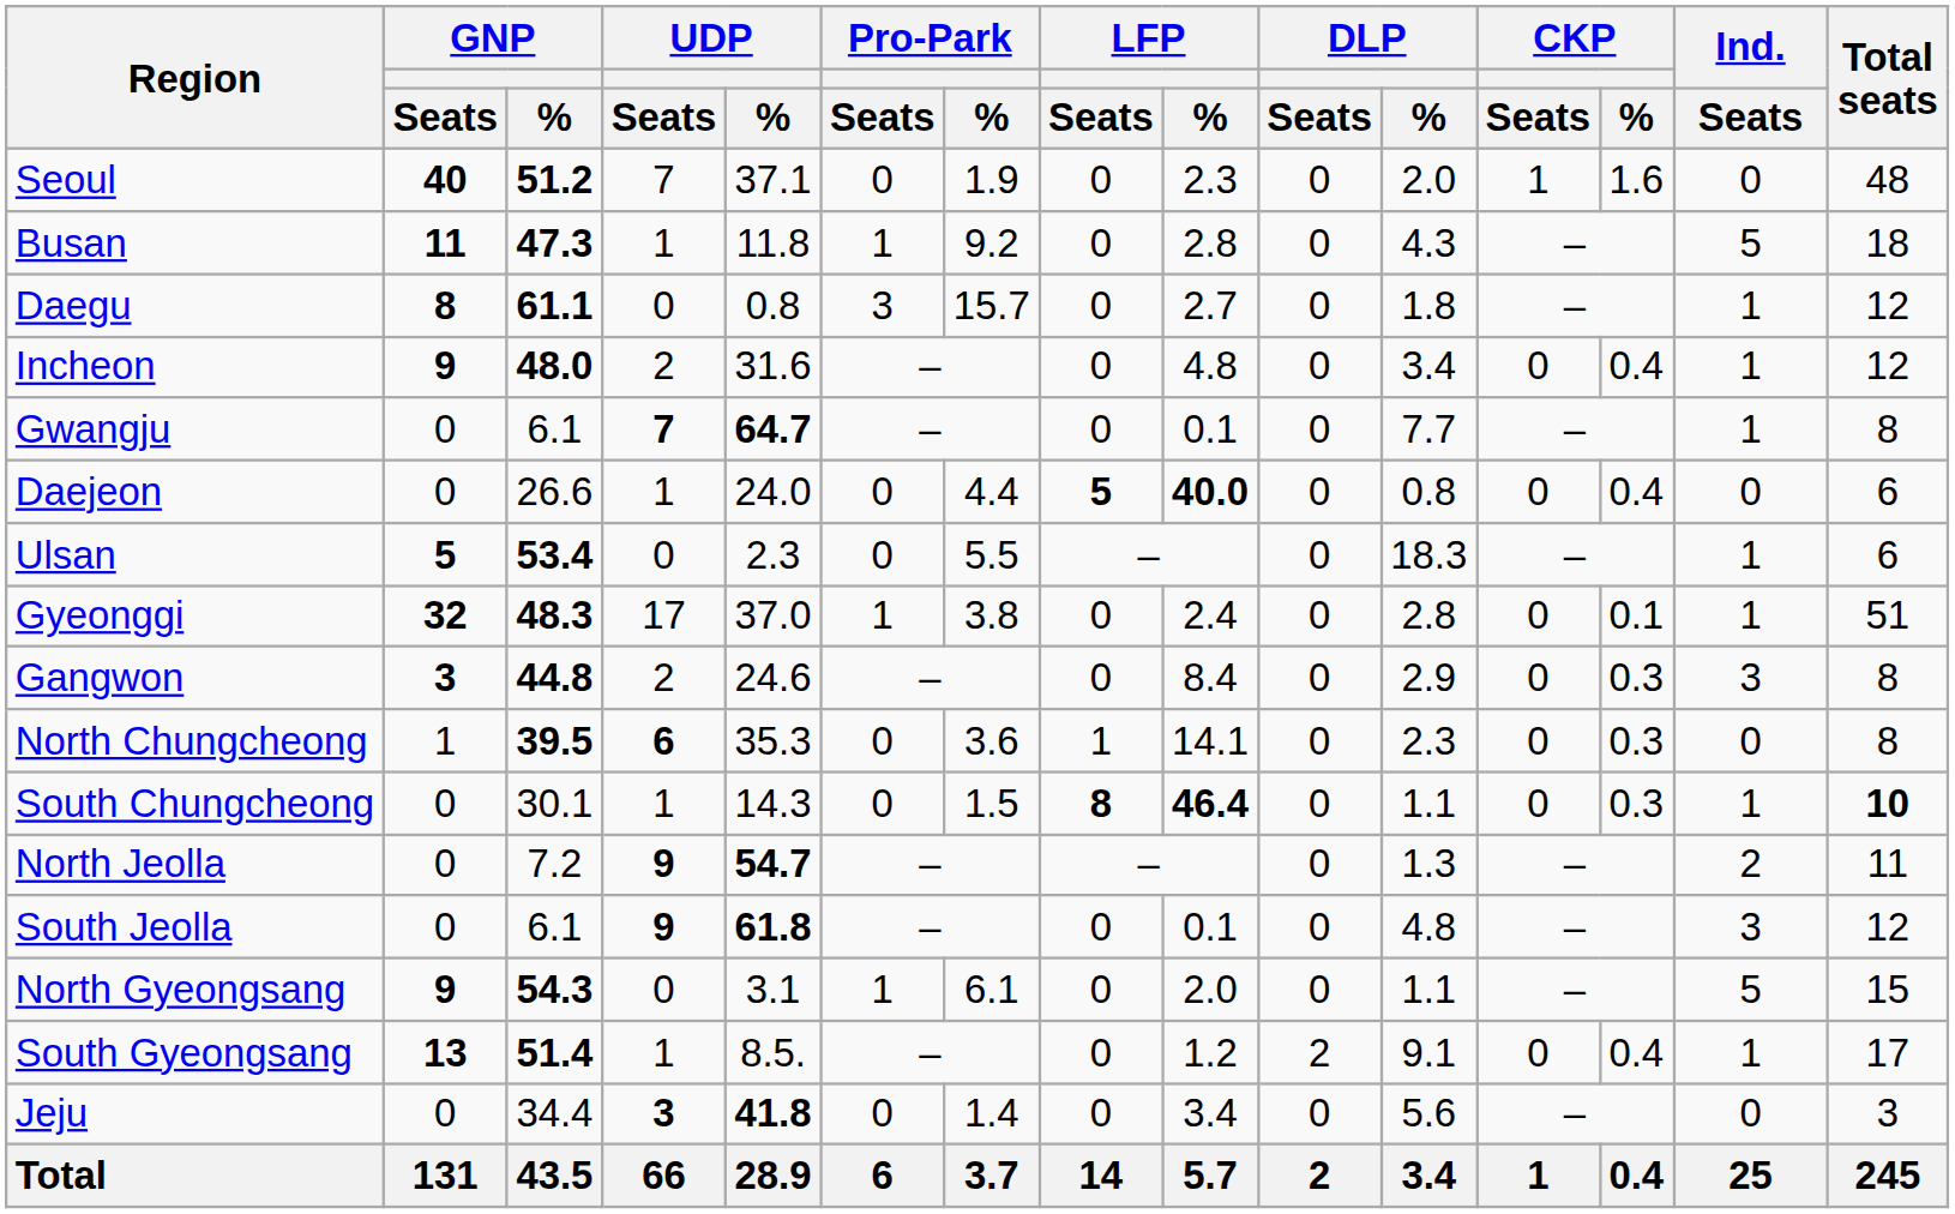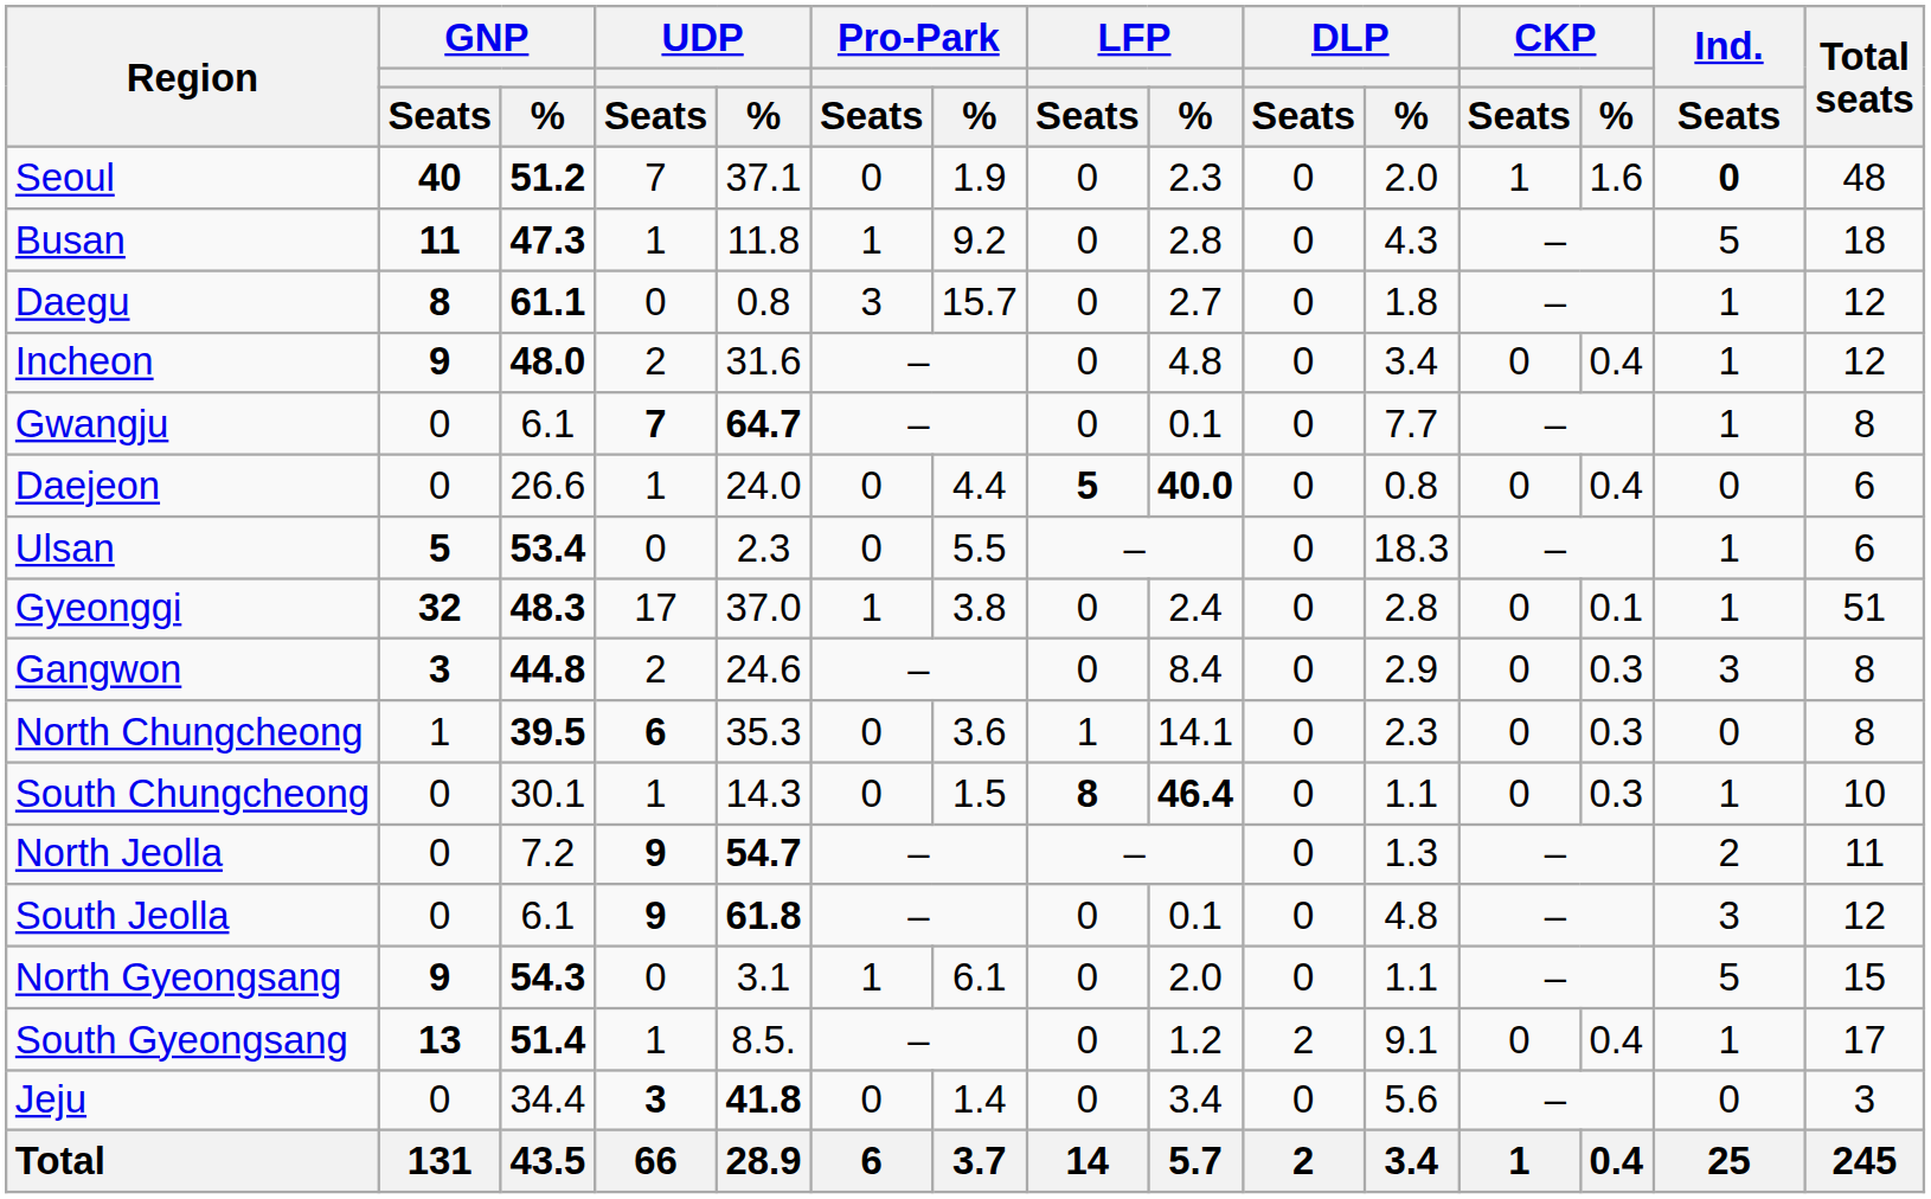 <table class="wikitable nowrap sortable" style="text-align:center; font-size:90%">
 <tr>
 <th rowspan="3">Region</th>
 <th colspan=2 style="width:50px" class="unsortable"><a href='#'>GNP</a></th>
 <th colspan=2 style="width:50px" class="unsortable"><a href='#'>UDP</a></th>
 <th colspan=2 style="width:50px" class="unsortable"><a href='#'>Pro-Park</a></th>
 <th colspan=2 style="width:50px" class="unsortable"><a href='#'>LFP</a></th>
 <th colspan=2 style="width:50px" class="unsortable"><a href='#'>DLP</a></th>
 <th colspan=2 style="width:50px" class="unsortable"><a href='#'>CKP</a></th>
 <th rowspan="2" style="width:50px" class="unsortable"><a href='#'>Ind.</a></th>
 <th rowspan="3">Total<br>seats</th>
 </tr>
 <tr>
 <th colspan=2 style="background:"></th>
 <th colspan=2 style="background:"></th>
 <th colspan=2 style="background:"></th>
 <th colspan=2 style="background:"></th>
 <th colspan=2 style="background:"></th>
 <th colspan=2 style="background:"></th>
 </tr>
 <tr>
 <th>Seats</th>
 <th>%</th>
 <th>Seats</th>
 <th>%</th>
 <th>Seats</th>
 <th>%</th>
 <th>Seats</th>
 <th>%</th>
 <th>Seats</th>
 <th>%</th>
 <th>Seats</th>
 <th>%</th>
 <th>Seats</th>
 </tr>
 <tr>
 <td style="text-align:left"><a href='#'>Seoul</a></td>
 <td><strong>40</strong></td>
 <td><strong>51.2</strong></td>
 <td>7</td>
 <td>37.1</td>
 <td>0</td>
 <td>1.9</td>
 <td>0</td>
 <td>2.3</td>
 <td>0</td>
 <td>2.0</td>
 <td>1</td>
 <td>1.6</td>
-<td>0</td>
+<td><strong>0</strong></td>
 <td>48</td>
 </tr>
 <tr>
 <td style="text-align:left"><a href='#'>Busan</a></td>
 <td><strong>11</strong></td>
 <td><strong>47.3</strong></td>
 <td>1</td>
 <td>11.8</td>
 <td>1</td>
 <td>9.2</td>
 <td>0</td>
 <td>2.8</td>
 <td>0</td>
 <td>4.3</td>
 <td colspan=2>–</td>
 <td>5</td>
 <td>18</td>
 </tr>
 <tr>
 <td style="text-align:left"><a href='#'>Daegu</a></td>
 <td><strong>8</strong></td>
 <td><strong>61.1</strong></td>
 <td>0</td>
 <td>0.8</td>
 <td>3</td>
 <td>15.7</td>
 <td>0</td>
 <td>2.7</td>
 <td>0</td>
 <td>1.8</td>
 <td colspan=2>–</td>
 <td>1</td>
 <td>12</td>
 </tr>
 <tr>
 <td style="text-align:left"><a href='#'>Incheon</a></td>
 <td><strong>9</strong></td>
 <td><strong>48.0</strong></td>
 <td>2</td>
 <td>31.6</td>
 <td colspan=2>–</td>
 <td>0</td>
 <td>4.8</td>
 <td>0</td>
 <td>3.4</td>
 <td>0</td>
 <td>0.4</td>
 <td>1</td>
 <td>12</td>
 </tr>
 <tr>
 <td style="text-align:left"><a href='#'>Gwangju</a></td>
 <td>0</td>
 <td>6.1</td>
 <td><strong>7</strong></td>
 <td><strong>64.7</strong></td>
 <td colspan=2>–</td>
 <td>0</td>
 <td>0.1</td>
 <td>0</td>
 <td>7.7</td>
 <td colspan=2>–</td>
 <td>1</td>
 <td>8</td>
 </tr>
 <tr>
 <td style="text-align:left"><a href='#'>Daejeon</a></td>
 <td>0</td>
 <td>26.6</td>
 <td>1</td>
 <td>24.0</td>
 <td>0</td>
 <td>4.4</td>
 <td><strong>5</strong></td>
 <td><strong>40.0</strong></td>
 <td>0</td>
 <td>0.8</td>
 <td>0</td>
 <td>0.4</td>
 <td>0</td>
 <td>6</td>
 </tr>
 <tr>
 <td style="text-align:left"><a href='#'>Ulsan</a></td>
 <td><strong>5</strong></td>
 <td><strong>53.4</strong></td>
 <td>0</td>
 <td>2.3</td>
 <td>0</td>
 <td>5.5</td>
 <td colspan=2>–</td>
 <td>0</td>
 <td>18.3</td>
 <td colspan=2>–</td>
 <td>1</td>
 <td>6</td>
 </tr>
 <tr>
 <td style="text-align:left"><a href='#'>Gyeonggi</a></td>
 <td><strong>32</strong></td>
 <td><strong>48.3</strong></td>
 <td>17</td>
 <td>37.0</td>
 <td>1</td>
 <td>3.8</td>
 <td>0</td>
 <td>2.4</td>
 <td>0</td>
 <td>2.8</td>
 <td>0</td>
 <td>0.1</td>
 <td>1</td>
 <td>51</td>
 </tr>
 <tr>
 <td style="text-align:left"><a href='#'>Gangwon</a></td>
 <td><strong>3</strong></td>
 <td><strong>44.8</strong></td>
 <td>2</td>
 <td>24.6</td>
 <td colspan=2>–</td>
 <td>0</td>
 <td>8.4</td>
 <td>0</td>
 <td>2.9</td>
 <td>0</td>
 <td>0.3</td>
 <td>3</td>
 <td>8</td>
 </tr>
 <tr>
 <td style="text-align:left" data-sort-value="Chungcheong N"><a href='#'>North Chungcheong</a></td>
 <td>1</td>
 <td><strong>39.5</strong></td>
 <td><strong>6</strong></td>
 <td>35.3</td>
 <td>0</td>
 <td>3.6</td>
 <td>1</td>
 <td>14.1</td>
 <td>0</td>
 <td>2.3</td>
 <td>0</td>
 <td>0.3</td>
 <td>0</td>
 <td>8</td>
 </tr>
 <tr>
 <td style="text-align:left" data-sort-value="Chungcheong S"><a href='#'>South Chungcheong</a></td>
 <td>0</td>
 <td>30.1</td>
 <td>1</td>
 <td>14.3</td>
 <td>0</td>
 <td>1.5</td>
 <td><strong>8</strong></td>
 <td><strong>46.4</strong></td>
 <td>0</td>
 <td>1.1</td>
 <td>0</td>
 <td>0.3</td>
 <td>1</td>
-<td><strong>10</strong></td>
+<td>10</td>
 </tr>
 <tr>
 <td style="text-align:left" data-sort-value="Jeolla N"><a href='#'>North Jeolla</a></td>
 <td>0</td>
 <td>7.2</td>
 <td><strong>9</strong></td>
 <td><strong>54.7</strong></td>
 <td colspan=2>–</td>
 <td colspan=2>–</td>
 <td>0</td>
 <td>1.3</td>
 <td colspan=2>–</td>
 <td>2</td>
 <td>11</td>
 </tr>
 <tr>
 <td style="text-align:left" data-sort-value="Jeolla S"><a href='#'>South Jeolla</a></td>
 <td>0</td>
 <td>6.1</td>
 <td><strong>9</strong></td>
 <td><strong>61.8</strong></td>
 <td colspan=2>–</td>
 <td>0</td>
 <td>0.1</td>
 <td>0</td>
 <td>4.8</td>
 <td colspan=2>–</td>
 <td>3</td>
 <td>12</td>
 </tr>
 <tr>
 <td style="text-align:left" data-sort-value="Gyeongsang N"><a href='#'>North Gyeongsang</a></td>
 <td><strong>9</strong></td>
 <td><strong>54.3</strong></td>
 <td>0</td>
 <td>3.1</td>
 <td>1</td>
 <td>6.1</td>
 <td>0</td>
 <td>2.0</td>
 <td>0</td>
 <td>1.1</td>
 <td colspan=2>–</td>
 <td>5</td>
 <td>15</td>
 </tr>
 <tr>
 <td style="text-align:left" data-sort-value="Gyeongsang S"><a href='#'>South Gyeongsang</a></td>
 <td><strong>13</strong></td>
 <td><strong>51.4</strong></td>
 <td>1</td>
 <td>8.5.</td>
 <td colspan=2>–</td>
 <td>0</td>
 <td>1.2</td>
 <td>2</td>
 <td>9.1</td>
 <td>0</td>
 <td>0.4</td>
 <td>1</td>
 <td>17</td>
 </tr>
 <tr>
 <td style="text-align:left"><a href='#'>Jeju</a></td>
 <td>0</td>
 <td>34.4</td>
 <td><strong>3</strong></td>
 <td><strong>41.8</strong></td>
 <td>0</td>
 <td>1.4</td>
 <td>0</td>
 <td>3.4</td>
 <td>0</td>
 <td>5.6</td>
 <td colspan=2>–</td>
 <td>0</td>
 <td>3</td>
 </tr>
 <tr class="sortbottom">
 <th style="text-align:left">Total</th>
 <th>131</th>
 <th>43.5</th>
 <th>66</th>
 <th>28.9</th>
 <th>6</th>
 <th>3.7</th>
 <th>14</th>
 <th>5.7</th>
 <th>2</th>
 <th>3.4</th>
 <th>1</th>
 <th>0.4</th>
 <th>25</th>
 <th>245</th>
 </tr>
 </table>
